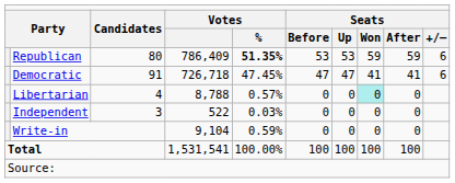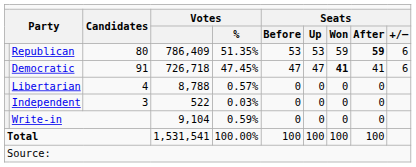 <table class="wikitable">
 <tr>
 <td colspan=15 align=center></td>
 </tr>
 <tr>
 <th rowspan="2" colspan="2">Party</th>
 <th rowspan="2">Candidates</th>
 <th colspan="2">Votes</th>
 <th colspan="5">Seats</th>
 </tr>
 <tr>
 <th></th>
 <th>%</th>
 <th>Before</th>
 <th>Up</th>
 <th>Won</th>
 <th>After</th>
 <th>+/–</th>
 </tr>
 <tr>
 <th style="background-color:"></th>
 <td><a href='#'>Republican</a></td>
 <td align="right">80</td>
 <td align="right">786,409</td>
-<td align="right"><strong>51.35%</strong></td>
+<td align="right">51.35%</td>
 <td align="right">53</td>
 <td align="right">53</td>
 <td align="right">59</td>
-<td align="right">59</td>
+<td align="right"><strong>59</strong></td>
 <td align="right"> 6</td>
 </tr>
 <tr>
 <th style="background-color:"></th>
 <td><a href='#'>Democratic</a></td>
 <td align="right">91</td>
 <td align="right">726,718</td>
 <td align="right">47.45%</td>
 <td align="right">47</td>
 <td align="right">47</td>
-<td align="right">41</td>
+<td align="right"><strong>41</strong></td>
 <td align="right">41</td>
 <td align="right"> 6</td>
 </tr>
 <tr>
 <th style="background-color:"></th>
 <td><a href='#'>Libertarian</a></td>
 <td align="right">4</td>
 <td align="right">8,788</td>
 <td align="right">0.57%</td>
 <td align="right">0</td>
 <td align="right">0</td>
-<td align="right" style="background: paleturquoise;">0</td>
+<td align="right">0</td>
 <td align="right">0</td>
 <td align="center"></td>
 </tr>
 <tr>
 <th style="background-color:"></th>
 <td><a href='#'>Independent</a></td>
 <td align="right">3</td>
 <td align="right">522</td>
 <td align="right">0.03%</td>
 <td align="right">0</td>
 <td align="right">0</td>
 <td align="right">0</td>
 <td align="right">0</td>
 <td align="center"></td>
 </tr>
 <tr>
 <th style="background-color:"></th>
 <td colspan="2"><a href='#'>Write-in</a></td>
 <td align="right">9,104</td>
 <td align="right">0.59%</td>
 <td align="right">0</td>
 <td align="right">0</td>
 <td align="right">0</td>
 <td align="right">0</td>
 <td align="center"></td>
 </tr>
 <tr>
 <td colspan="3" align="left"><strong>Total</strong></td>
 <td align="right">1,531,541</td>
 <td align="right">100.00%</td>
 <td align="right">100</td>
 <td align="right">100</td>
 <td align="right">100</td>
 <td align="right">100</td>
 <td align="center"></td>
 </tr>
 <tr>
 <td colspan="10">Source:</td>
 </tr>
 </table>
